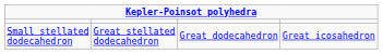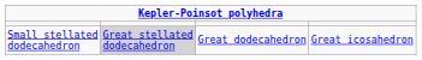 <table class="wikitable">
 <tr>
 <td colspan=4 align=center><strong><a href='#'>Kepler-Poinsot polyhedra</a></strong></td>
 </tr>
 <tr>
 <td align=center></td>
 <td align=center></td>
 <td align=center></td>
 <td align=center></td>
 </tr>
 <tr>
 <td><a href='#'>Small stellated<br>dodecahedron</a></td>
-<td><a href='#'>Great stellated<br>dodecahedron</a></td>
+<td style="background: lightgrey;"><a href='#'>Great stellated<br>dodecahedron</a></td>
 <td><a href='#'>Great dodecahedron</a></td>
 <td><a href='#'>Great icosahedron</a></td>
 </tr>
 </table>
